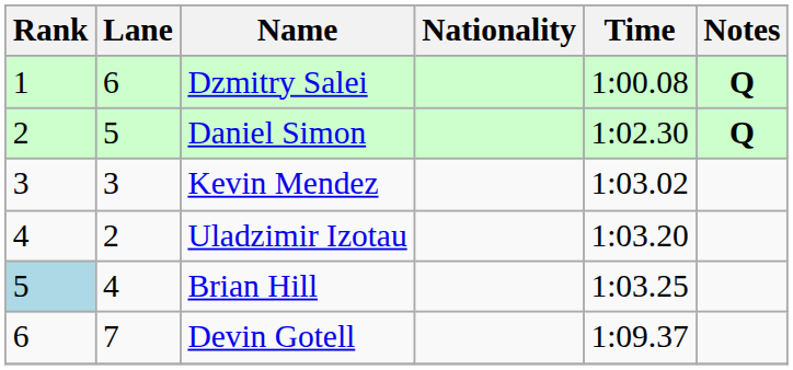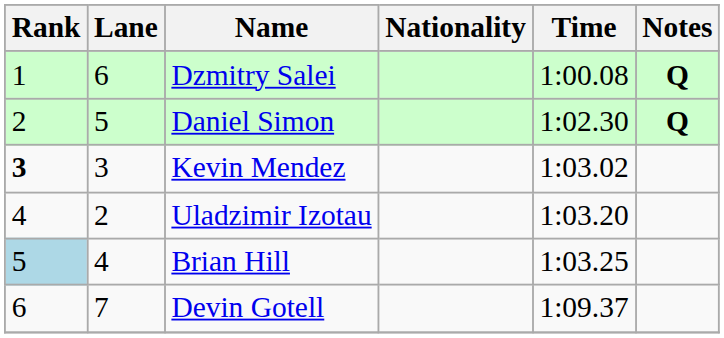 <table class="wikitable">
 <tr>
 <th>Rank</th>
 <th>Lane</th>
 <th>Name</th>
 <th>Nationality</th>
 <th>Time</th>
 <th>Notes</th>
 </tr>
 <tr style="background:#CCFFCC;">
 <td>1</td>
 <td>6</td>
 <td><a href='#'>Dzmitry Salei</a></td>
 <td></td>
 <td>1:00.08</td>
 <td style="text-align:center;"><strong>Q</strong></td>
 </tr>
 <tr style="background:#CCFFCC;">
 <td>2</td>
 <td>5</td>
 <td><a href='#'>Daniel Simon</a></td>
 <td></td>
 <td>1:02.30</td>
 <td style="text-align:center;"><strong>Q</strong></td>
 </tr>
 <tr>
-<td>3</td>
+<td><strong>3</strong></td>
 <td>3</td>
 <td><a href='#'>Kevin Mendez</a></td>
 <td></td>
 <td>1:03.02</td>
 <td></td>
 </tr>
 <tr>
 <td>4</td>
 <td>2</td>
 <td><a href='#'>Uladzimir Izotau</a></td>
 <td></td>
 <td>1:03.20</td>
 <td></td>
 </tr>
 <tr>
 <td style="background: lightblue;">5</td>
 <td>4</td>
 <td><a href='#'>Brian Hill</a></td>
 <td></td>
 <td>1:03.25</td>
 <td></td>
 </tr>
 <tr>
 <td>6</td>
 <td>7</td>
 <td><a href='#'>Devin Gotell</a></td>
 <td></td>
 <td>1:09.37</td>
 <td></td>
 </tr>
 <tr>
 </tr>
 </table>
